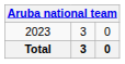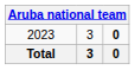 <table class="wikitable" style="text-align:center">
 <tr>
 <th colspan=3><a href='#'>Aruba national team</a></th>
 </tr>
 <tr>
 <td>2023</td>
 <td>3</td>
-<td>0</td>
+<td><strong>0</strong></td>
 </tr>
 <tr>
 <th>Total</th>
 <th>3</th>
 <th>0</th>
 </tr>
 </table>
